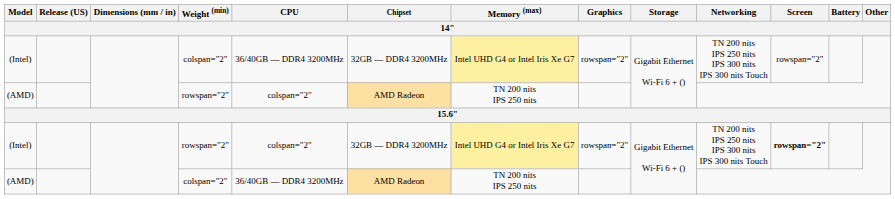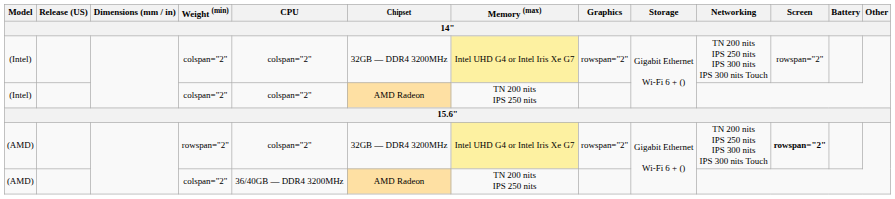 <table class="wikitable" style="font-size: 80%; text-align: center; min-width: 80%;">
 <tr>
 <th>Model</th>
 <th>Release (US)</th>
 <th>Dimensions (mm / in)</th>
 <th>Weight <sup>(min)</sup></th>
 <th>CPU</th>
 <th><small>Chipset</small></th>
 <th>Memory <sup>(max)</sup></th>
 <th>Graphics</th>
 <th>Storage</th>
 <th>Networking</th>
 <th>Screen</th>
 <th>Battery</th>
 <th>Other</th>
 </tr>
 <tr>
 <th colspan="13">14"</th>
 </tr>
 <tr>
 <td> (Intel)</td>
 <td></td>
 <td rowspan="2"></td>
 <td>colspan="2" </td>
-<td style="background:">36/40GB — DDR4 3200MHz<br> </td>
+<td>colspan="2" </td>
 <td style="background:">32GB — DDR4 3200MHz<br></td>
 <td style="background:#fdf1a1;">Intel UHD G4 or Intel Iris Xe G7<br></td>
 <td>rowspan="2" </td>
 <td rowspan="2">Gigabit Ethernet<br><br>Wi-Fi 6 +  ()<br><small> </small></td>
 <td style="background:"> TN 200 nits<br> IPS 250 nits<br> IPS 300 nits<br> IPS 300 nits Touch</td>
 <td>rowspan="2" </td>
 <td></td>
 </tr>
 <tr>
-<td> (AMD)</td>
+<td> (Intel)</td>
 <td></td>
-<td>rowspan="2" </td>
+<td>colspan="2" </td>
 <td>colspan="2" </td>
 <td style="background:#fee0a3;">AMD Radeon</td>
 <td style="background:"> TN 200 nits<br> IPS 250 nits</td>
 <td></td>
 </tr>
 <tr>
 <th colspan="13">15.6"</th>
 </tr>
 <tr>
-<td> (Intel)</td>
+<td> (AMD)</td>
 <td></td>
 <td rowspan="2"></td>
 <td>rowspan="2" </td>
 <td>colspan="2" </td>
 <td style="background:">32GB — DDR4 3200MHz<br></td>
 <td style="background:#fdf1a1;">Intel UHD G4 or Intel Iris Xe G7<br></td>
 <td>rowspan="2" </td>
 <td rowspan="2">Gigabit Ethernet<br><br>Wi-Fi 6 +  ()<br><small> </small></td>
 <td style="background:"> TN 200 nits<br> IPS 250 nits<br> IPS 300 nits<br> IPS 300 nits Touch</td>
 <td><strong>rowspan="2" </strong></td>
 <td></td>
 </tr>
 <tr>
 <td> (AMD)</td>
 <td></td>
 <td>colspan="2" </td>
 <td style="background:">36/40GB — DDR4 3200MHz<br> </td>
 <td style="background:#fee0a3;">AMD Radeon</td>
 <td style="background:"> TN 200 nits<br> IPS 250 nits</td>
 <td></td>
 </tr>
 </table>
